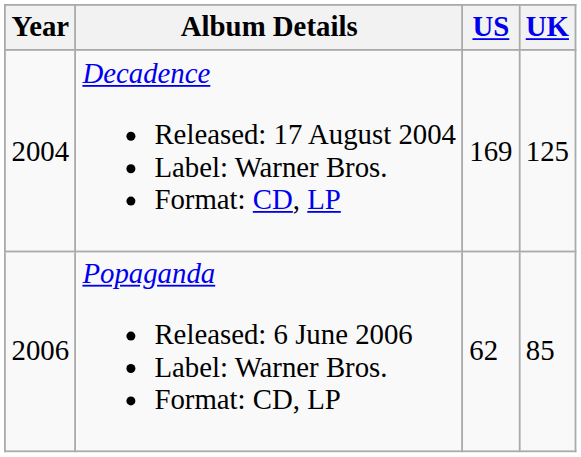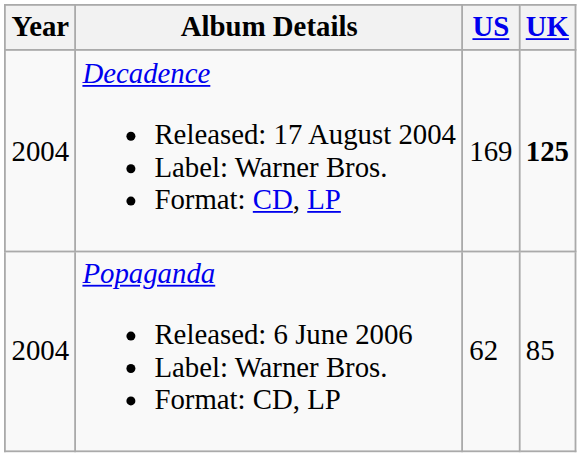 <table class="wikitable">
 <tr>
 <th>Year</th>
 <th>Album Details</th>
 <th><a href='#'>US</a></th>
 <th><a href='#'>UK</a></th>
 </tr>
 <tr>
 <td>2004</td>
 <td><em><a href='#'>Decadence</a></em><br><ul><li>Released: 17 August 2004</li><li>Label: Warner Bros.</li><li>Format: <a href='#'>CD</a>, <a href='#'>LP</a></li></ul></td>
 <td>169</td>
-<td>125</td>
+<td><strong>125</strong></td>
 </tr>
 <tr>
-<td>2006</td>
+<td>2004</td>
 <td><em><a href='#'>Popaganda</a></em><br><ul><li>Released: 6 June 2006</li><li>Label: Warner Bros.</li><li>Format: CD, LP</li></ul></td>
 <td>62</td>
 <td>85</td>
 </tr>
 </table>
